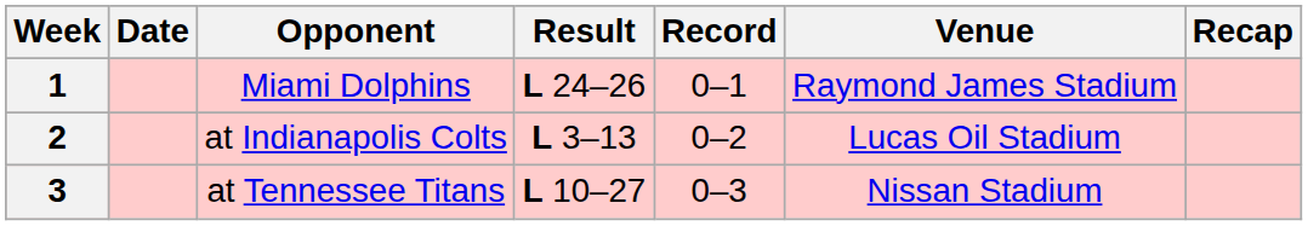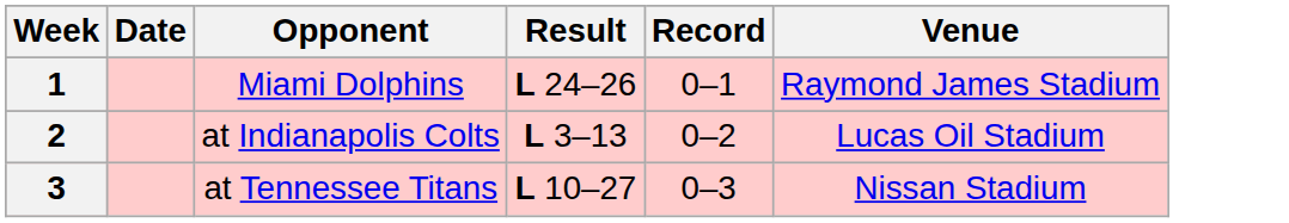 <table class="wikitable" style="text-align:center">
 <tr>
 <th>Week</th>
 <th>Date</th>
 <th>Opponent</th>
 <th>Result</th>
 <th>Record</th>
 <th>Venue</th>
-<th>Recap</th>
 </tr>
 <tr style="background:#fcc">
 <th>1</th>
 <td></td>
 <td><a href='#'>Miami Dolphins</a></td>
 <td><strong>L</strong> 24–26</td>
 <td>0–1</td>
 <td><a href='#'>Raymond James Stadium</a></td>
-<td></td>
 </tr>
 <tr style="background:#fcc">
 <th>2</th>
 <td></td>
 <td>at <a href='#'>Indianapolis Colts</a></td>
 <td><strong>L</strong> 3–13</td>
 <td>0–2</td>
 <td><a href='#'>Lucas Oil Stadium</a></td>
-<td></td>
 </tr>
 <tr style="background:#fcc">
 <th>3</th>
 <td></td>
 <td>at <a href='#'>Tennessee Titans</a></td>
 <td><strong>L</strong> 10–27</td>
 <td>0–3</td>
 <td><a href='#'>Nissan Stadium</a></td>
-<td></td>
 </tr>
 </table>
